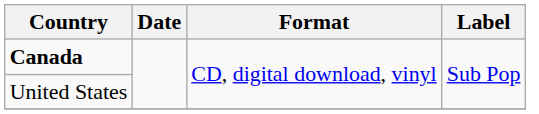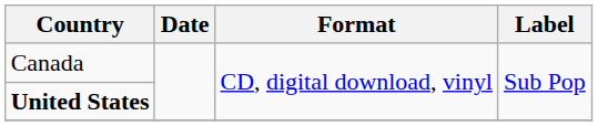 <table class="wikitable">
 <tr>
 <th>Country</th>
 <th>Date</th>
 <th>Format</th>
 <th>Label</th>
 </tr>
 <tr>
-<td rowspan="1"><strong>Canada</strong></td>
+<td rowspan="1">Canada</td>
 <td rowspan="2"></td>
 <td rowspan="2"><a href='#'>CD</a>, <a href='#'>digital download</a>, <a href='#'>vinyl</a></td>
 <td rowspan="2"><a href='#'>Sub Pop</a></td>
 </tr>
 <tr>
-<td rowspan="1">United States</td>
+<td rowspan="1"><strong>United States</strong></td>
 </tr>
 <tr>
 </tr>
 </table>
